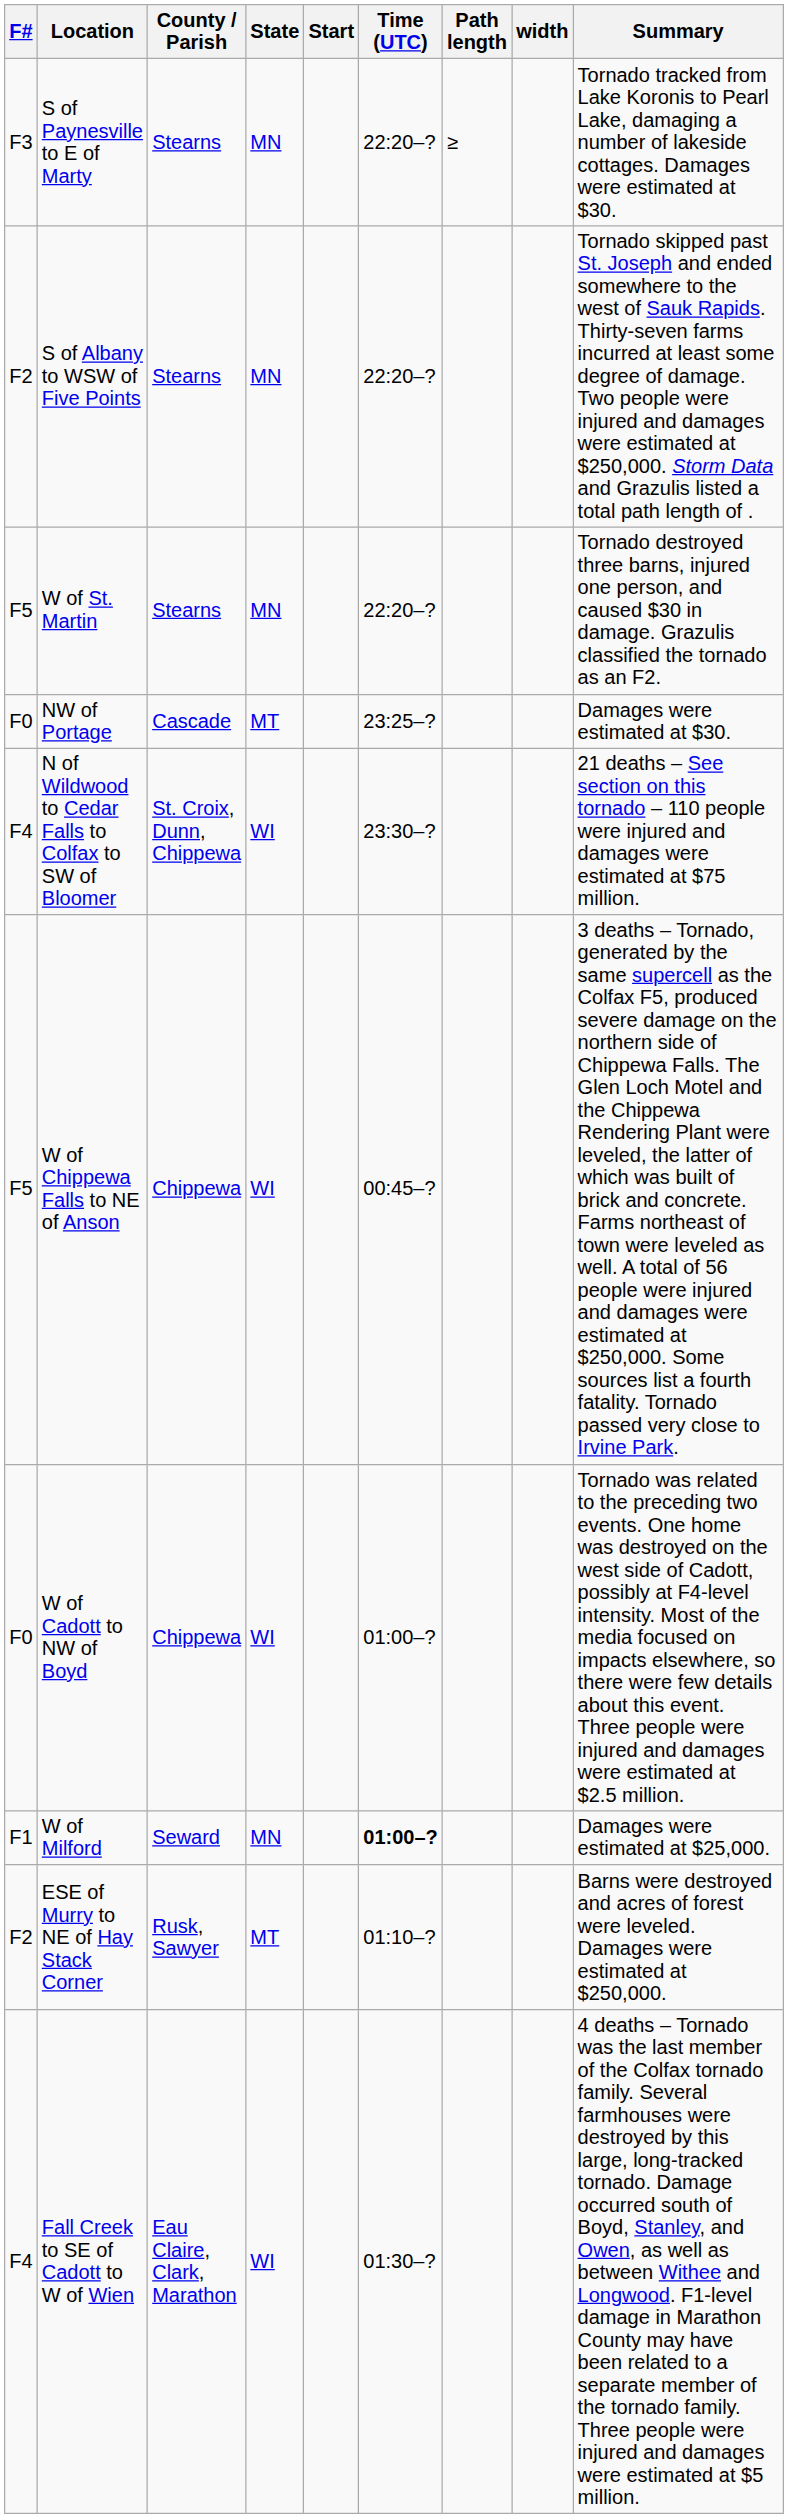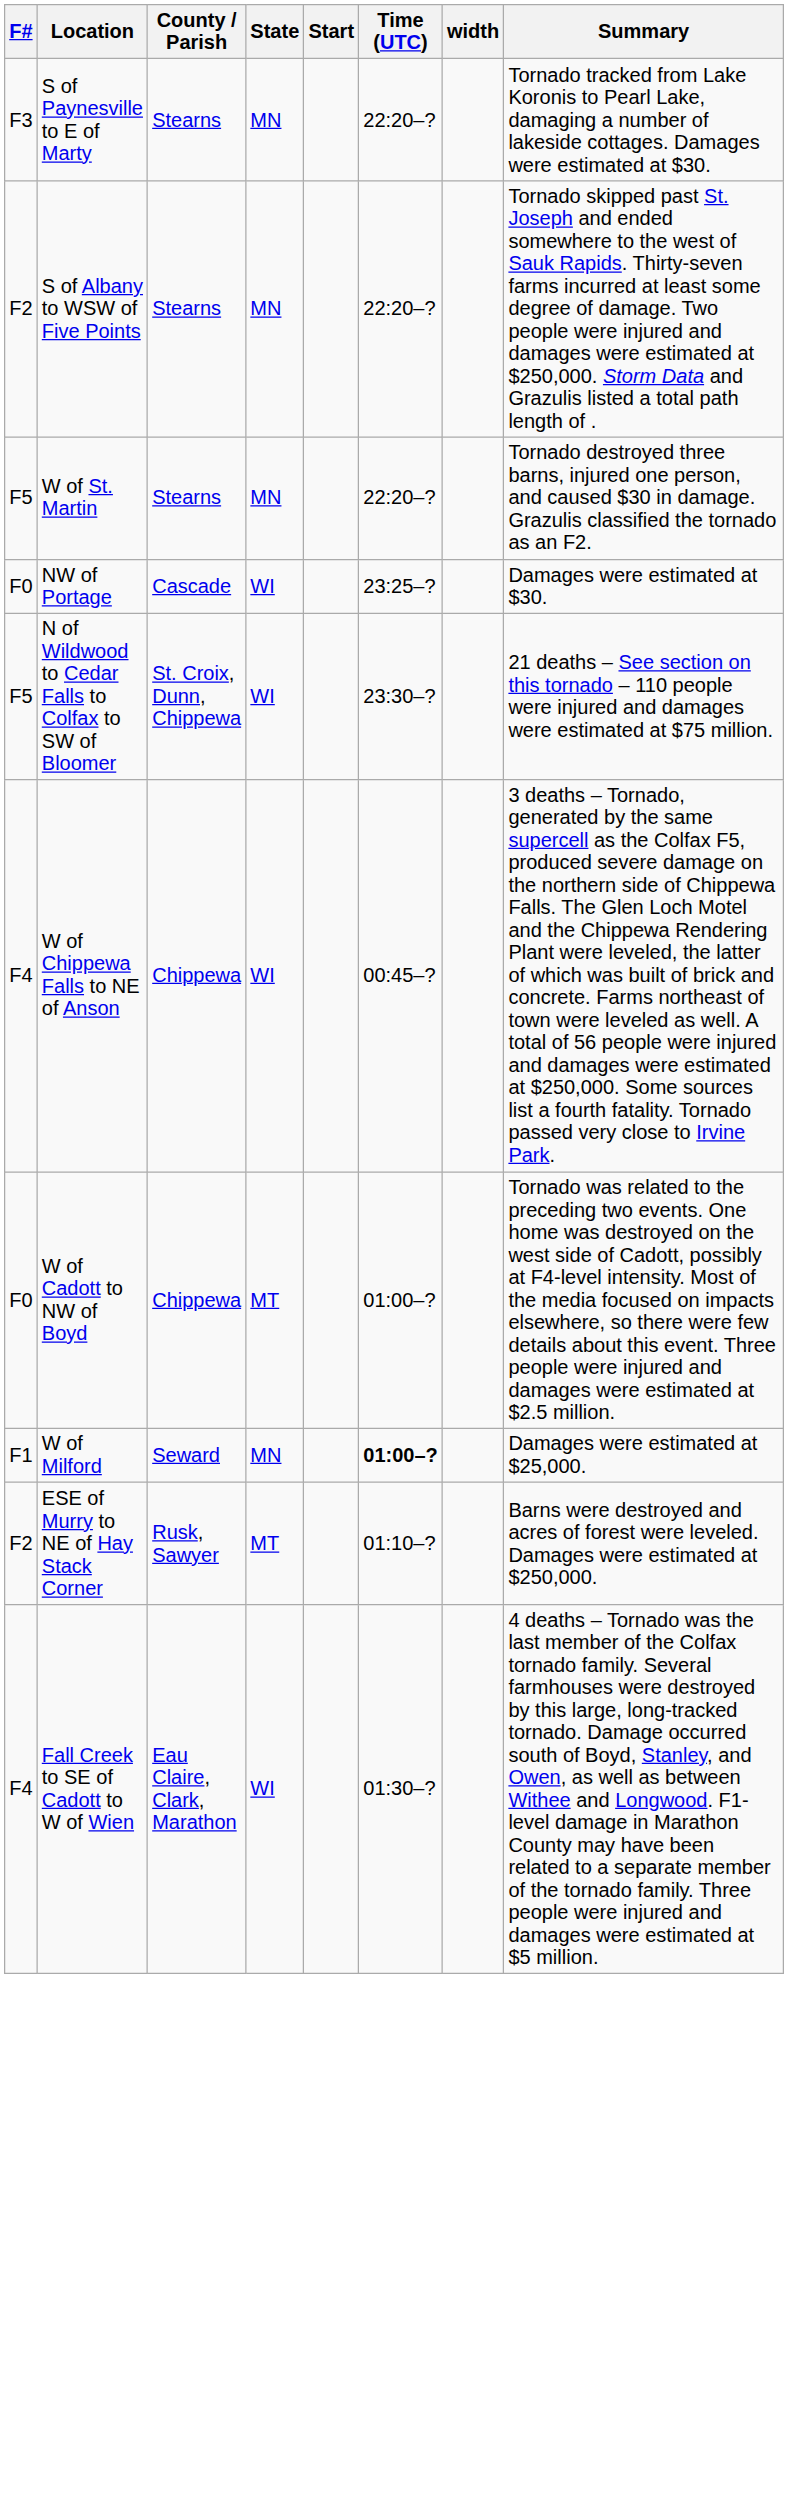 <table class="wikitable" sortable" style="width:100%">
 <tr>
 <th scope="col"  style="width:3%; text-align:center;"><a href='#'>F#</a></th>
 <th scope="col"  style="width:7%; text-align:center;" class="unsortable">Location</th>
 <th scope="col"  style="width:6%; text-align:center;" class="unsortable">County / Parish</th>
 <th scope="col"  style="width:5%; text-align:center;">State</th>
 <th scope="col"  style="width:6%; text-align:center;">Start<br></th>
 <th scope="col"  style="width:6%; text-align:center;">Time (<a href='#'>UTC</a>)</th>
-<th scope="col"  style="width:6%; text-align:center;">Path length</th>
 <th scope="col"  style="width:6%; text-align:center;"> width</th>
 <th scope="col" class="unsortable" style="width:48%; text-align:center;">Summary</th>
 </tr>
 <tr>
 <td>F3</td>
 <td>S of <a href='#'>Paynesville</a> to E of <a href='#'>Marty</a></td>
 <td><a href='#'>Stearns</a></td>
 <td><a href='#'>MN</a></td>
 <td></td>
 <td>22:20–?</td>
-<td>≥</td>
 <td></td>
 <td>Tornado tracked from Lake Koronis to Pearl Lake, damaging a number of lakeside cottages. Damages were estimated at $30.</td>
 </tr>
 <tr>
 <td>F2</td>
 <td>S of <a href='#'>Albany</a> to WSW of <a href='#'>Five Points</a></td>
 <td><a href='#'>Stearns</a></td>
 <td><a href='#'>MN</a></td>
 <td></td>
 <td>22:20–?</td>
 <td></td>
-<td></td>
 <td>Tornado skipped past <a href='#'>St. Joseph</a> and ended somewhere to the west of <a href='#'>Sauk Rapids</a>. Thirty-seven farms incurred at least some degree of damage. Two people were injured and damages were estimated at $250,000. <em><a href='#'>Storm Data</a></em> and Grazulis listed a total path length of . </td>
 </tr>
 <tr>
 <td>F5</td>
 <td>W of <a href='#'>St. Martin</a></td>
 <td><a href='#'>Stearns</a></td>
 <td><a href='#'>MN</a></td>
 <td></td>
 <td>22:20–?</td>
 <td></td>
-<td></td>
 <td>Tornado destroyed three barns, injured one person, and caused $30 in damage. Grazulis classified the tornado as an F2.</td>
 </tr>
 <tr>
 <td>F0</td>
 <td>NW of <a href='#'>Portage</a></td>
 <td><a href='#'>Cascade</a></td>
-<td><a href='#'>MT</a></td>
+<td><a href='#'>WI</a></td>
 <td></td>
 <td>23:25–?</td>
-<td></td>
 <td></td>
 <td>Damages were estimated at $30.</td>
 </tr>
 <tr>
-<td>F4</td>
+<td>F5</td>
 <td>N of <a href='#'>Wildwood</a> to <a href='#'>Cedar Falls</a> to <a href='#'>Colfax</a> to SW of <a href='#'>Bloomer</a></td>
 <td><a href='#'>St. Croix</a>, <a href='#'>Dunn</a>, <a href='#'>Chippewa</a></td>
 <td><a href='#'>WI</a></td>
 <td></td>
 <td>23:30–?</td>
 <td></td>
-<td></td>
 <td>21 deaths – <a href='#'>See section on this tornado</a> – 110 people were injured and damages were estimated at $75 million.</td>
 </tr>
 <tr>
-<td>F5</td>
+<td>F4</td>
 <td>W of <a href='#'>Chippewa Falls</a> to NE of <a href='#'>Anson</a></td>
 <td><a href='#'>Chippewa</a></td>
 <td><a href='#'>WI</a></td>
 <td></td>
 <td>00:45–?</td>
-<td></td>
 <td></td>
 <td>3 deaths – Tornado, generated by the same <a href='#'>supercell</a> as the Colfax F5, produced severe damage on the northern side of Chippewa Falls. The Glen Loch Motel and the Chippewa Rendering Plant were leveled, the latter of which was built of brick and concrete. Farms northeast of town were leveled as well. A total of 56 people were injured and damages were estimated at $250,000. Some sources list a fourth fatality. Tornado passed very close to <a href='#'>Irvine Park</a>.</td>
 </tr>
 <tr>
 <td>F0</td>
 <td>W of <a href='#'>Cadott</a> to NW of <a href='#'>Boyd</a></td>
 <td><a href='#'>Chippewa</a></td>
-<td><a href='#'>WI</a></td>
+<td><a href='#'>MT</a></td>
 <td></td>
 <td>01:00–?</td>
-<td></td>
 <td></td>
 <td>Tornado was related to the preceding two events. One home was destroyed on the west side of Cadott, possibly at F4-level intensity. Most of the media focused on impacts elsewhere, so there were few details about this event. Three people were injured and damages were estimated at $2.5 million.</td>
 </tr>
 <tr>
 <td>F1</td>
 <td>W of <a href='#'>Milford</a></td>
 <td><a href='#'>Seward</a></td>
 <td><a href='#'>MN</a></td>
 <td></td>
 <td><strong>01:00–?</strong></td>
 <td></td>
-<td></td>
 <td>Damages were estimated at $25,000.</td>
 </tr>
 <tr>
 <td>F2</td>
 <td>ESE of <a href='#'>Murry</a> to NE of <a href='#'>Hay Stack Corner</a></td>
 <td><a href='#'>Rusk</a>, <a href='#'>Sawyer</a></td>
 <td><a href='#'>MT</a></td>
 <td></td>
 <td>01:10–?</td>
-<td></td>
 <td></td>
 <td>Barns were destroyed and acres of forest were leveled. Damages were estimated at $250,000.</td>
 </tr>
 <tr>
 <td>F4</td>
 <td><a href='#'>Fall Creek</a> to SE of <a href='#'>Cadott</a> to W of <a href='#'>Wien</a></td>
 <td><a href='#'>Eau Claire</a>, <a href='#'>Clark</a>, <a href='#'>Marathon</a></td>
 <td><a href='#'>WI</a></td>
 <td></td>
 <td>01:30–?</td>
 <td></td>
-<td></td>
 <td>4 deaths – Tornado was the last member of the Colfax tornado family. Several farmhouses were destroyed by this large, long-tracked tornado. Damage occurred south of Boyd, <a href='#'>Stanley</a>, and <a href='#'>Owen</a>, as well as between <a href='#'>Withee</a> and <a href='#'>Longwood</a>. F1-level damage in Marathon County may have been related to a separate member of the tornado family. Three people were injured and damages were estimated at $5 million.</td>
 </tr>
 </table>
